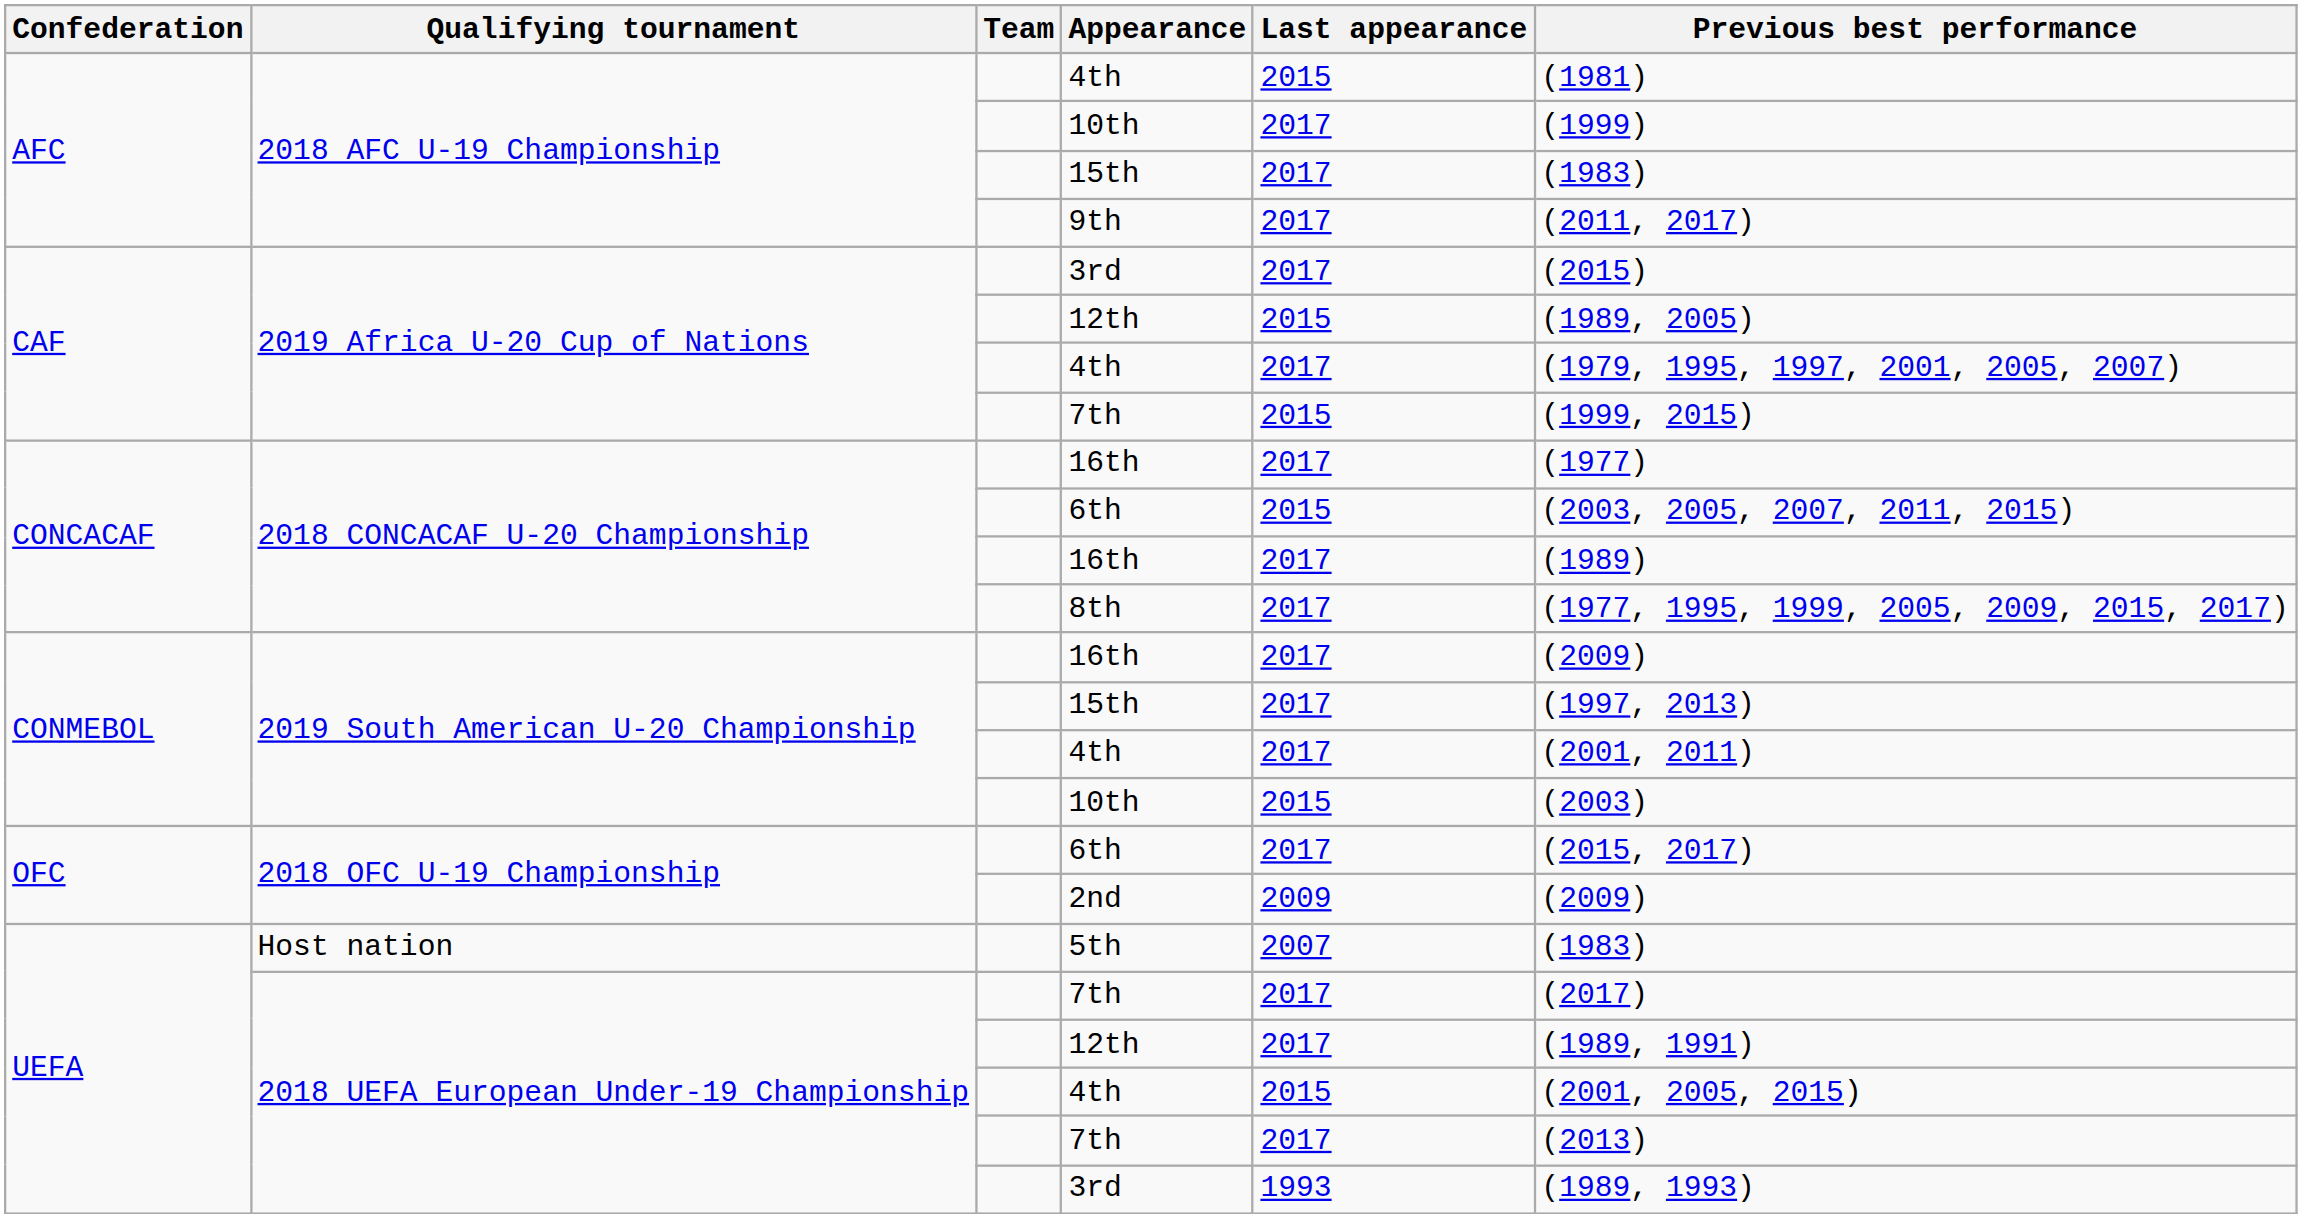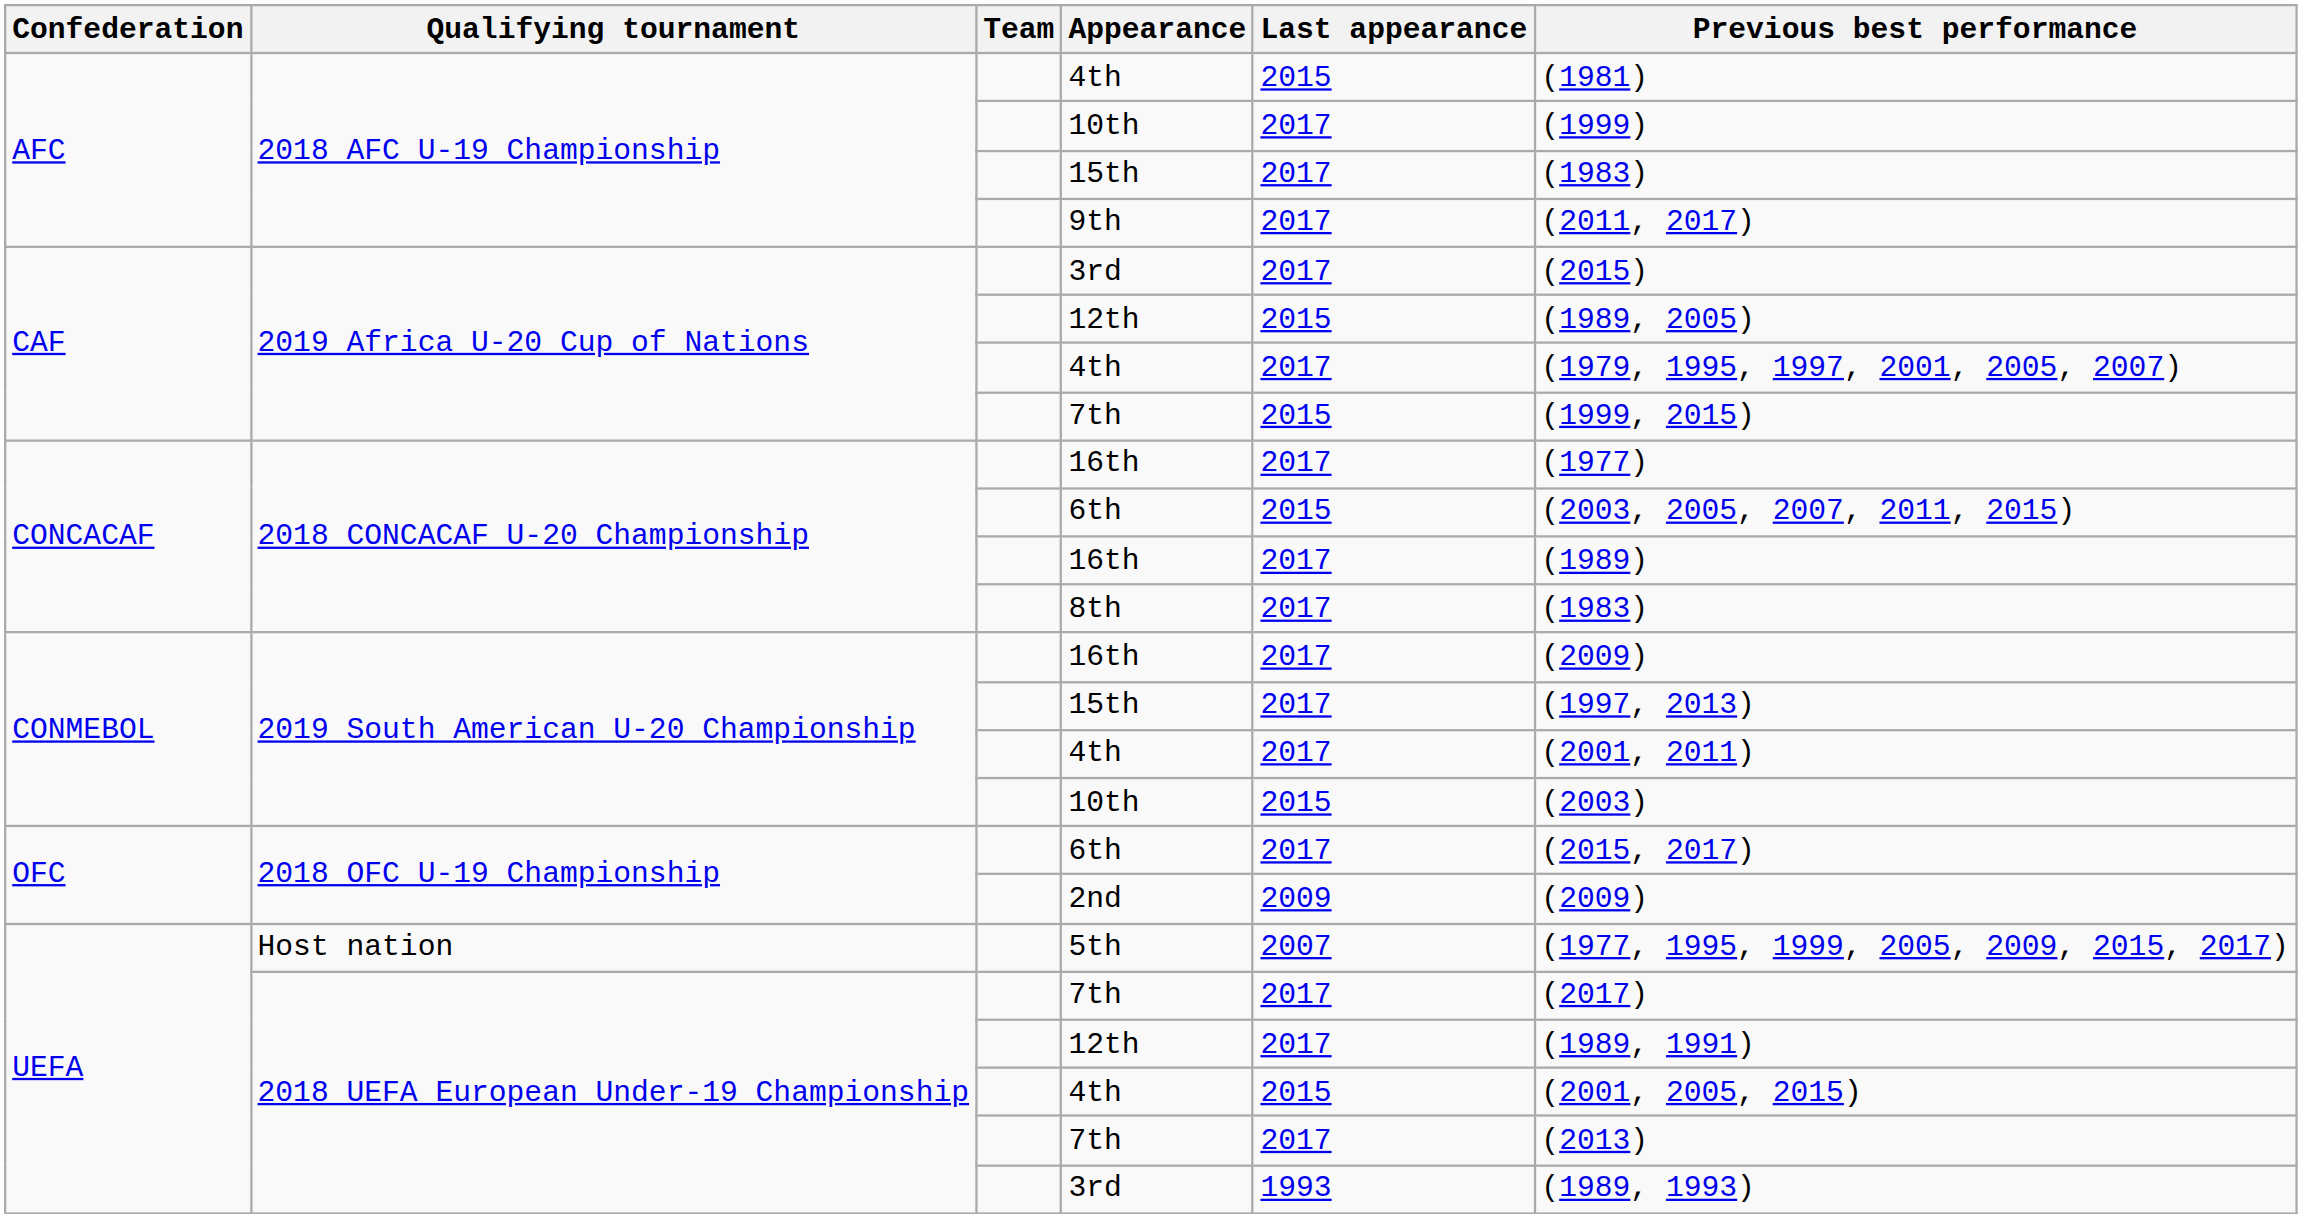 <table class="wikitable sortable">
 <tr>
 <th>Confederation</th>
 <th>Qualifying tournament</th>
 <th>Team</th>
 <th data-sort-type="number">Appearance</th>
 <th>Last appearance</th>
 <th>Previous best performance</th>
 </tr>
 <tr>
 <td rowspan=4><a href='#'>AFC<br></a></td>
 <td rowspan=4><a href='#'>2018 AFC U-19 Championship</a></td>
 <td></td>
 <td>4th</td>
 <td><a href='#'>2015</a></td>
 <td> (<a href='#'>1981</a>)</td>
 </tr>
 <tr>
 <td></td>
 <td>10th</td>
 <td><a href='#'>2017</a></td>
 <td> (<a href='#'>1999</a>)</td>
 </tr>
 <tr>
 <td></td>
 <td>15th</td>
 <td><a href='#'>2017</a></td>
 <td> (<a href='#'>1983</a>)</td>
 </tr>
 <tr>
 <td></td>
 <td>9th</td>
 <td><a href='#'>2017</a></td>
 <td> (<a href='#'>2011</a>, <a href='#'>2017</a>)</td>
 </tr>
 <tr>
 <td rowspan=4><a href='#'>CAF<br></a></td>
 <td rowspan=4><a href='#'>2019 Africa U-20 Cup of Nations</a></td>
 <td></td>
 <td>3rd</td>
 <td><a href='#'>2017</a></td>
 <td> (<a href='#'>2015</a>)</td>
 </tr>
 <tr>
 <td></td>
 <td>12th</td>
 <td><a href='#'>2015</a></td>
 <td> (<a href='#'>1989</a>, <a href='#'>2005</a>)</td>
 </tr>
 <tr>
 <td></td>
 <td>4th</td>
 <td><a href='#'>2017</a></td>
 <td> (<a href='#'>1979</a>, <a href='#'>1995</a>, <a href='#'>1997</a>, <a href='#'>2001</a>, <a href='#'>2005</a>, <a href='#'>2007</a>)</td>
 </tr>
 <tr>
 <td></td>
 <td>7th</td>
 <td><a href='#'>2015</a></td>
 <td> (<a href='#'>1999</a>, <a href='#'>2015</a>)</td>
 </tr>
 <tr>
 <td rowspan=4><a href='#'>CONCACAF<br></a></td>
 <td rowspan=4><a href='#'>2018 CONCACAF U-20 Championship</a></td>
 <td></td>
 <td>16th</td>
 <td><a href='#'>2017</a></td>
 <td> (<a href='#'>1977</a>)</td>
 </tr>
 <tr>
 <td></td>
 <td>6th</td>
 <td><a href='#'>2015</a></td>
 <td> (<a href='#'>2003</a>, <a href='#'>2005</a>, <a href='#'>2007</a>, <a href='#'>2011</a>, <a href='#'>2015</a>)</td>
 </tr>
 <tr>
 <td></td>
 <td>16th</td>
 <td><a href='#'>2017</a></td>
 <td> (<a href='#'>1989</a>)</td>
 </tr>
 <tr>
 <td></td>
 <td>8th</td>
 <td><a href='#'>2017</a></td>
-<td> (<a href='#'>1977</a>, <a href='#'>1995</a>, <a href='#'>1999</a>, <a href='#'>2005</a>, <a href='#'>2009</a>, <a href='#'>2015</a>, <a href='#'>2017</a>)</td>
+<td> (<a href='#'>1983</a>)</td>
 </tr>
 <tr>
 <td rowspan=4><a href='#'>CONMEBOL<br></a></td>
 <td rowspan=4><a href='#'>2019 South American U-20 Championship</a></td>
 <td></td>
 <td>16th</td>
 <td><a href='#'>2017</a></td>
 <td> (<a href='#'>2009</a>)</td>
 </tr>
 <tr>
 <td></td>
 <td>15th</td>
 <td><a href='#'>2017</a></td>
 <td> (<a href='#'>1997</a>, <a href='#'>2013</a>)</td>
 </tr>
 <tr>
 <td></td>
 <td>4th</td>
 <td><a href='#'>2017</a></td>
 <td> (<a href='#'>2001</a>, <a href='#'>2011</a>)</td>
 </tr>
 <tr>
 <td></td>
 <td>10th</td>
 <td><a href='#'>2015</a></td>
 <td> (<a href='#'>2003</a>)</td>
 </tr>
 <tr>
 <td rowspan=2><a href='#'>OFC<br></a></td>
 <td rowspan=2><a href='#'>2018 OFC U-19 Championship</a></td>
 <td></td>
 <td>6th</td>
 <td><a href='#'>2017</a></td>
 <td> (<a href='#'>2015</a>, <a href='#'>2017</a>)</td>
 </tr>
 <tr>
 <td></td>
 <td>2nd</td>
 <td><a href='#'>2009</a></td>
 <td> (<a href='#'>2009</a>)</td>
 </tr>
 <tr>
 <td rowspan=6><a href='#'>UEFA<br></a></td>
 <td>Host nation</td>
 <td style="white-space: nowrap;"></td>
 <td>5th</td>
 <td><a href='#'>2007</a></td>
-<td> (<a href='#'>1983</a>)</td>
+<td> (<a href='#'>1977</a>, <a href='#'>1995</a>, <a href='#'>1999</a>, <a href='#'>2005</a>, <a href='#'>2009</a>, <a href='#'>2015</a>, <a href='#'>2017</a>)</td>
 </tr>
 <tr>
 <td rowspan=5><a href='#'>2018 UEFA European Under-19 Championship</a></td>
 <td></td>
 <td>7th</td>
 <td><a href='#'>2017</a></td>
 <td> (<a href='#'>2017</a>)</td>
 </tr>
 <tr>
 <td></td>
 <td>12th</td>
 <td><a href='#'>2017</a></td>
 <td> (<a href='#'>1989</a>, <a href='#'>1991</a>)</td>
 </tr>
 <tr>
 <td></td>
 <td>4th</td>
 <td><a href='#'>2015</a></td>
 <td> (<a href='#'>2001</a>, <a href='#'>2005</a>, <a href='#'>2015</a>)</td>
 </tr>
 <tr>
 <td></td>
 <td>7th</td>
 <td><a href='#'>2017</a></td>
 <td> (<a href='#'>2013</a>)</td>
 </tr>
 <tr>
 <td></td>
 <td>3rd</td>
 <td><a href='#'>1993</a></td>
 <td> (<a href='#'>1989</a>, <a href='#'>1993</a>)</td>
 </tr>
 </table>
